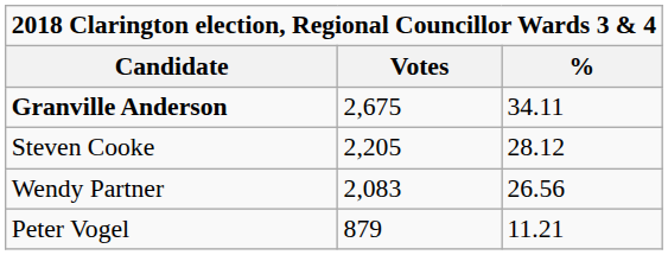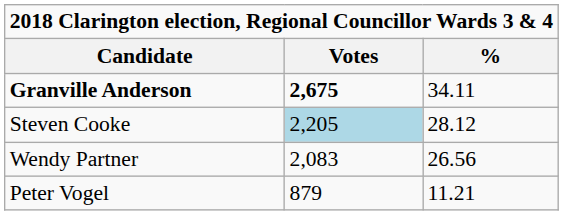 <table class="wikitable">
 <tr>
 <td Colspan="3" align="center"><strong>2018 Clarington election, Regional Councillor Wards 3 & 4</strong></td>
 </tr>
 <tr>
 <th bgcolor="#DDDDFF" width="200px">Candidate</th>
 <th bgcolor="#DDDDFF">Votes</th>
 <th bgcolor="#DDDDFF">%</th>
 </tr>
 <tr>
 <td><strong>Granville Anderson</strong></td>
-<td>2,675</td>
+<td><strong>2,675</strong></td>
 <td>34.11</td>
 </tr>
 <tr>
 <td>Steven Cooke</td>
-<td>2,205</td>
+<td style="background: lightblue;">2,205</td>
 <td>28.12</td>
 </tr>
 <tr>
 <td>Wendy Partner</td>
 <td>2,083</td>
 <td>26.56</td>
 </tr>
 <tr>
 <td>Peter Vogel</td>
 <td>879</td>
 <td>11.21</td>
 </tr>
 </table>
